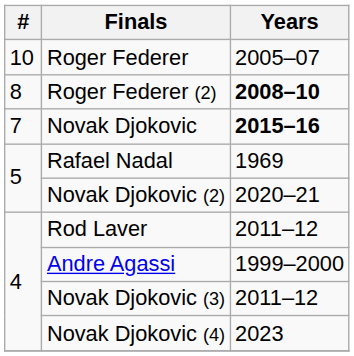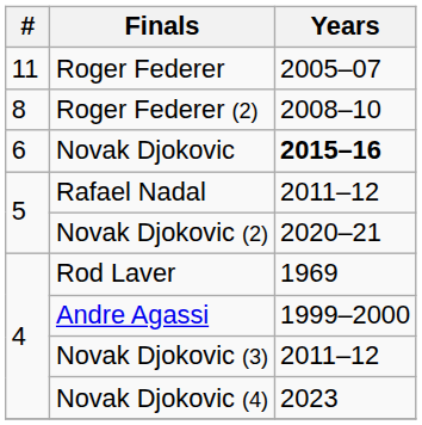 <table class="wikitable" style="display:inline-table;">
 <tr>
 <th width=20>#</th>
 <th>Finals</th>
 <th>Years</th>
 </tr>
 <tr>
-<td>10</td>
+<td>11</td>
 <td> Roger Federer</td>
 <td>2005–07</td>
 </tr>
 <tr>
 <td>8</td>
 <td> Roger Federer <small>(2)</small></td>
-<td><strong>2008–10</strong></td>
+<td>2008–10</td>
 </tr>
 <tr>
-<td>7</td>
+<td>6</td>
 <td> Novak Djokovic</td>
 <td><strong>2015–16</strong></td>
 </tr>
 <tr>
 <td rowspan="2">5</td>
 <td> Rafael Nadal</td>
-<td>1969</td>
+<td>2011–12</td>
 </tr>
 <tr>
 <td> Novak Djokovic <small>(2)</small></td>
 <td>2020–21</td>
 </tr>
 <tr>
 <td rowspan="4">4</td>
 <td> Rod Laver</td>
-<td>2011–12</td>
+<td>1969</td>
 </tr>
 <tr>
 <td> <a href='#'>Andre Agassi</a></td>
 <td>1999–2000</td>
 </tr>
 <tr>
 <td> Novak Djokovic <small>(3)</small></td>
 <td>2011–12</td>
 </tr>
 <tr>
 <td> Novak Djokovic <small>(4)</small></td>
 <td>2023</td>
 </tr>
 <tr>
 </tr>
 </table>
